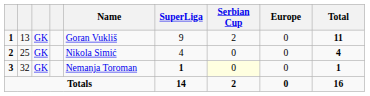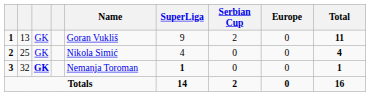 <table class="wikitable" style="text-align:center">
 <tr>
 <th width="15"></th>
 <th width="15"></th>
 <th width="15"></th>
 <th width="15"></th>
 <th width="145">Name</th>
 <th width="80"><strong><a href='#'>SuperLiga</a></strong></th>
 <th width="80"><strong><a href='#'>Serbian Cup</a></strong></th>
 <th width="80"><strong>Europe</strong></th>
 <th width="80">Total</th>
 </tr>
 <tr>
 <td><strong>1</strong></td>
 <td>13</td>
 <td><a href='#'>GK</a></td>
 <td></td>
 <td align="left"><a href='#'>Goran Vukliš</a></td>
 <td>9</td>
 <td>2</td>
 <td>0</td>
 <td><strong>11</strong></td>
 </tr>
 <tr>
 <td><strong>2</strong></td>
 <td>25</td>
 <td><a href='#'>GK</a></td>
 <td></td>
 <td align="left"><a href='#'>Nikola Simić</a></td>
 <td>4</td>
 <td>0</td>
 <td>0</td>
 <td><strong>4</strong></td>
 </tr>
 <tr>
 <td><strong>3</strong></td>
 <td>32</td>
-<td><a href='#'>GK</a></td>
+<td><strong><a href='#'>GK</a></strong></td>
 <td></td>
 <td align="left"><a href='#'>Nemanja Toroman</a></td>
 <td><strong>1</strong></td>
-<td style="background: lightyellow;">0</td>
+<td>0</td>
 <td>0</td>
 <td><strong>1</strong></td>
 </tr>
 <tr>
 <td colspan="5"><strong>Totals</strong></td>
 <td><strong>14</strong></td>
 <td><strong>2</strong></td>
 <td><strong>0</strong></td>
 <td><strong>16</strong></td>
 </tr>
 </table>
